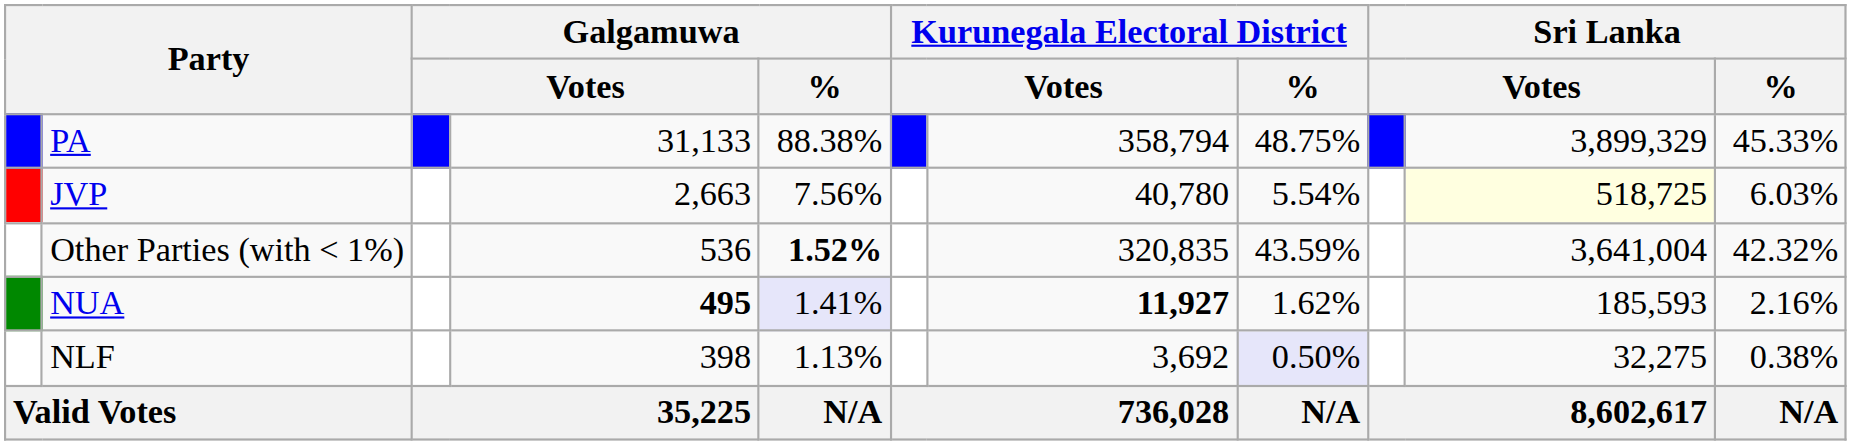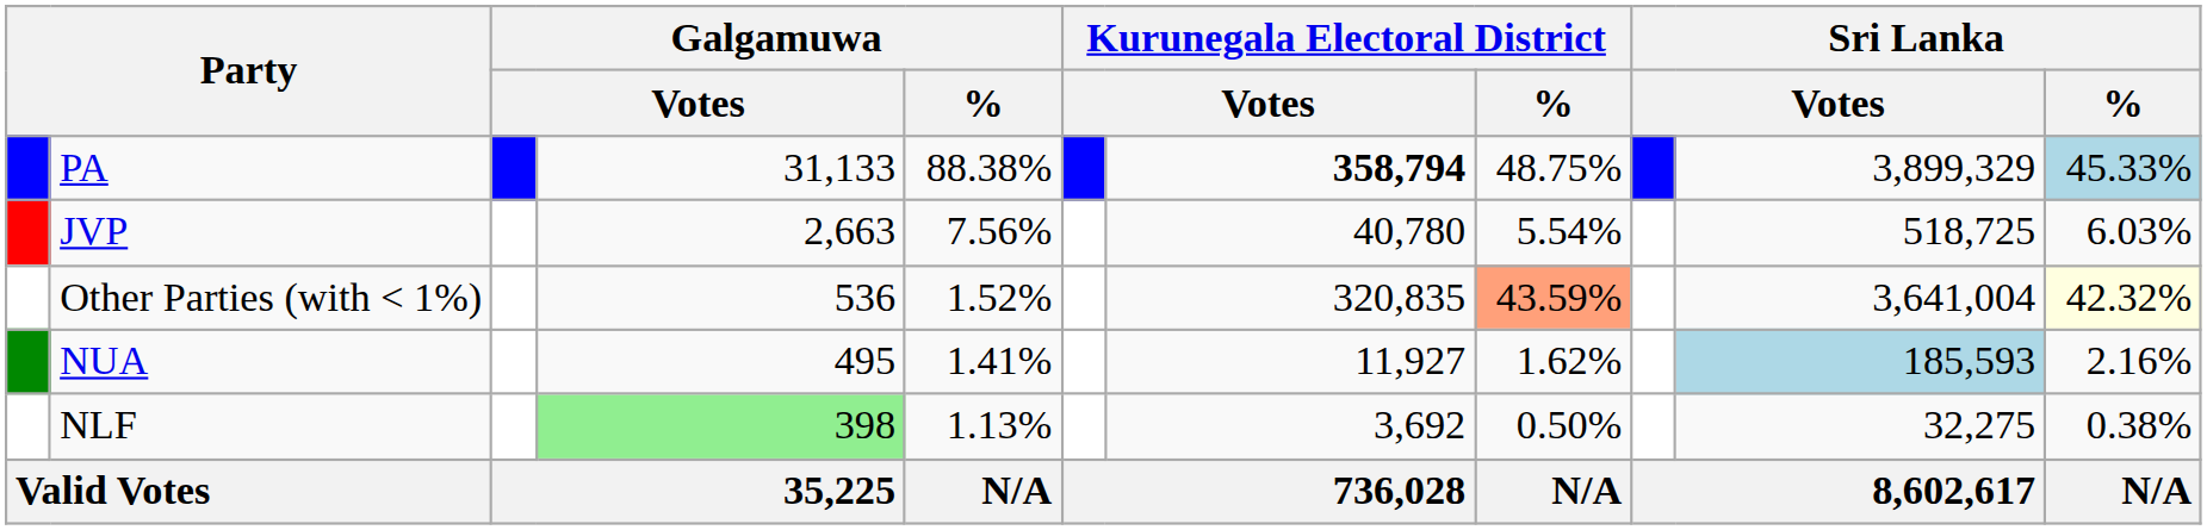 <table class="wikitable">
 <tr>
 <th colspan="2" width="144px"rowspan="2">Party</th>
 <th colspan="3" width="216px">Galgamuwa</th>
 <th colspan="3" width="216px"><a href='#'>Kurunegala Electoral District</a></th>
 <th colspan="3" width="216px">Sri Lanka</th>
 </tr>
 <tr>
 <th colspan="2" width="144px">Votes</th>
 <th>%</th>
 <th colspan="2" width="144px">Votes</th>
 <th>%</th>
 <th colspan="2" width="144px">Votes</th>
 <th>%</th>
 </tr>
 <tr>
 <td style="background-color:blue;" width="10px"></td>
 <td style="text-align:left;"><a href='#'>PA</a></td>
 <td style="background-color:blue;" width="10px"></td>
 <td style="text-align:right;">31,133</td>
 <td style="text-align:right;">88.38%</td>
 <td style="background-color:blue;" width="10px"></td>
-<td style="text-align:right;">358,794</td>
+<td style="text-align:right;"><strong>358,794</strong></td>
 <td style="text-align:right;">48.75%</td>
 <td style="background-color:blue;" width="10px"></td>
 <td style="text-align:right;">3,899,329</td>
-<td style="text-align:right;">45.33%</td>
+<td style="background: lightblue; text-align:right;">45.33%</td>
 </tr>
 <tr>
 <td style="background-color:red;" width="10px"></td>
 <td style="text-align:left;"><a href='#'>JVP</a></td>
 <td style="background-color:white;" width="10px"></td>
 <td style="text-align:right;">2,663</td>
 <td style="text-align:right;">7.56%</td>
 <td style="background-color:white;" width="10px"></td>
 <td style="text-align:right;">40,780</td>
 <td style="text-align:right;">5.54%</td>
 <td style="background-color:white;" width="10px"></td>
-<td style="background: lightyellow; text-align:right;">518,725</td>
+<td style="text-align:right;">518,725</td>
 <td style="text-align:right;">6.03%</td>
 </tr>
 <tr>
 <td style="background-color:white;" width="10px"></td>
 <td style="text-align:left;">Other Parties (with < 1%)</td>
 <td style="background-color:white;" width="10px"></td>
 <td style="text-align:right;">536</td>
-<td style="text-align:right;"><strong>1.52%</strong></td>
+<td style="text-align:right;">1.52%</td>
 <td style="background-color:white;" width="10px"></td>
 <td style="text-align:right;">320,835</td>
-<td style="text-align:right;">43.59%</td>
+<td style="background: lightsalmon; text-align:right;">43.59%</td>
 <td style="background-color:white;" width="10px"></td>
 <td style="text-align:right;">3,641,004</td>
-<td style="text-align:right;">42.32%</td>
+<td style="background: lightyellow; text-align:right;">42.32%</td>
 </tr>
 <tr>
 <td style="background-color:#008800;" width="10px"></td>
 <td style="text-align:left;"><a href='#'>NUA</a></td>
 <td style="background-color:white;" width="10px"></td>
-<td style="text-align:right;"><strong>495</strong></td>
-<td style="background: lavender; text-align:right;">1.41%</td>
+<td style="text-align:right;">495</td>
+<td style="text-align:right;">1.41%</td>
 <td style="background-color:white;" width="10px"></td>
-<td style="text-align:right;"><strong>11,927</strong></td>
+<td style="text-align:right;">11,927</td>
 <td style="text-align:right;">1.62%</td>
 <td style="background-color:white;" width="10px"></td>
-<td style="text-align:right;">185,593</td>
+<td style="background: lightblue; text-align:right;">185,593</td>
 <td style="text-align:right;">2.16%</td>
 </tr>
 <tr>
 <td style="background-color:white;" width="10px"></td>
 <td style="text-align:left;">NLF</td>
 <td style="background-color:white;" width="10px"></td>
-<td style="text-align:right;">398</td>
+<td style="background: lightgreen; text-align:right;">398</td>
 <td style="text-align:right;">1.13%</td>
 <td style="background-color:white;" width="10px"></td>
 <td style="text-align:right;">3,692</td>
-<td style="background: lavender; text-align:right;">0.50%</td>
+<td style="text-align:right;">0.50%</td>
 <td style="background-color:white;" width="10px"></td>
 <td style="text-align:right;">32,275</td>
 <td style="text-align:right;">0.38%</td>
 </tr>
 <tr>
 <th colspan="2" width="144px"style="text-align:left;">Valid Votes</th>
 <th style="text-align:right;"colspan="2" width="144px">35,225</th>
 <th style="text-align:right;">N/A</th>
 <th style="text-align:right;"colspan="2" width="144px">736,028</th>
 <th style="text-align:right;">N/A</th>
 <th style="text-align:right;"colspan="2" width="144px">8,602,617</th>
 <th style="text-align:right;">N/A</th>
 </tr>
 </table>
